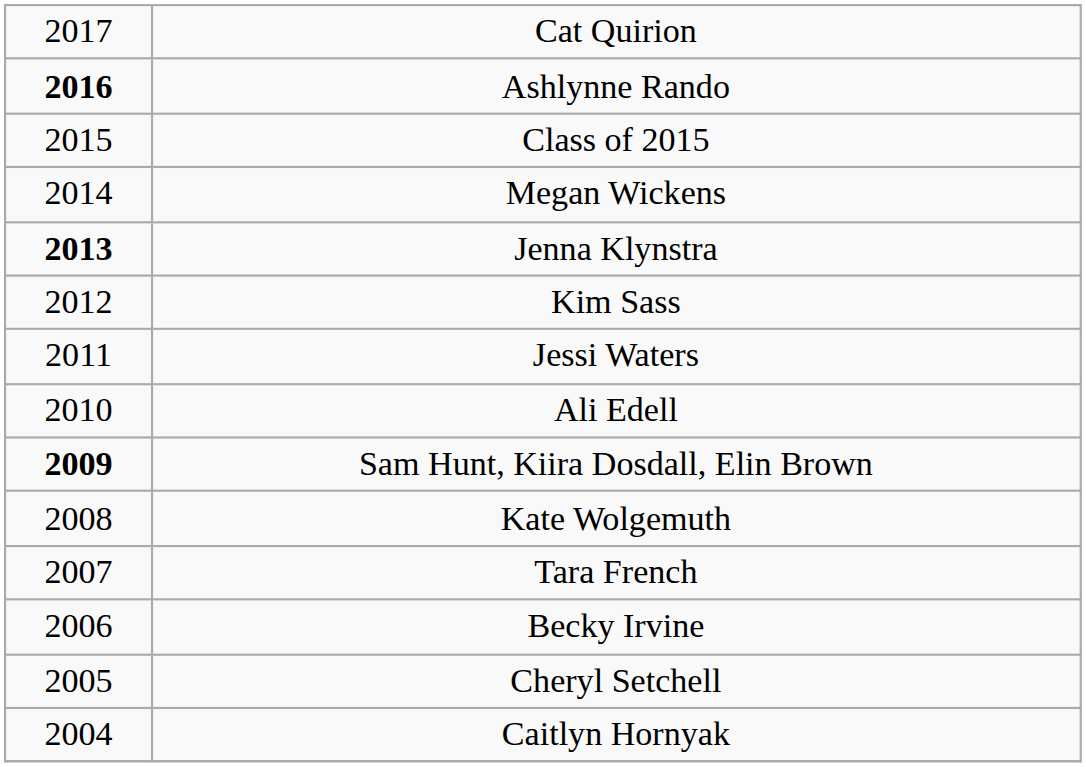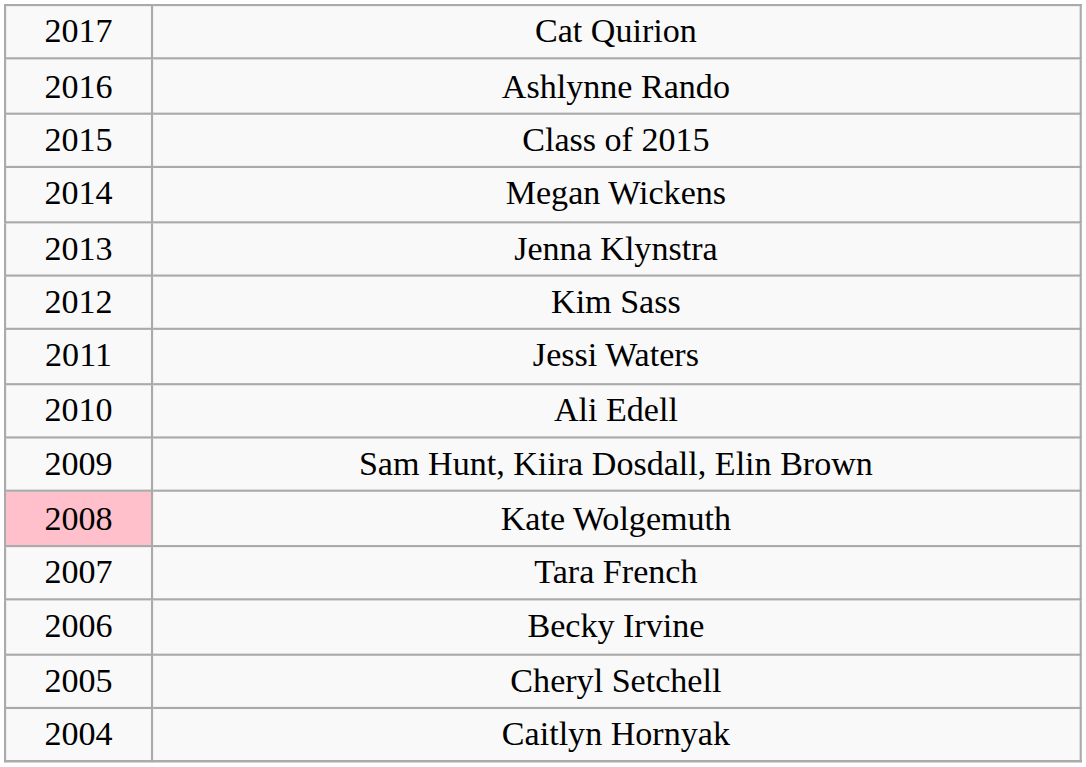 <table class="wikitable" style="width:40%; text-align:center;">
 <tr>
 <td>2017</td>
 <td>Cat Quirion</td>
 </tr>
 <tr>
-<td><strong>2016</strong></td>
+<td>2016</td>
 <td>Ashlynne Rando</td>
 </tr>
 <tr>
 <td>2015</td>
 <td>Class of 2015</td>
 </tr>
 <tr>
 <td>2014</td>
 <td>Megan Wickens</td>
 </tr>
 <tr>
-<td><strong>2013</strong></td>
+<td>2013</td>
 <td>Jenna Klynstra</td>
 </tr>
 <tr>
 <td>2012</td>
 <td>Kim Sass</td>
 </tr>
 <tr>
 <td>2011</td>
 <td>Jessi Waters</td>
 </tr>
 <tr>
 <td>2010</td>
 <td>Ali Edell</td>
 </tr>
 <tr>
-<td><strong>2009</strong></td>
+<td>2009</td>
 <td>Sam Hunt, Kiira Dosdall, Elin Brown</td>
 </tr>
 <tr>
-<td>2008</td>
+<td style="background: pink;">2008</td>
 <td>Kate Wolgemuth</td>
 </tr>
 <tr>
 <td>2007</td>
 <td>Tara French</td>
 </tr>
 <tr>
 <td>2006</td>
 <td>Becky Irvine</td>
 </tr>
 <tr>
 <td>2005</td>
 <td>Cheryl Setchell</td>
 </tr>
 <tr>
 <td>2004</td>
 <td>Caitlyn Hornyak</td>
 </tr>
 <tr>
 </tr>
 </table>
